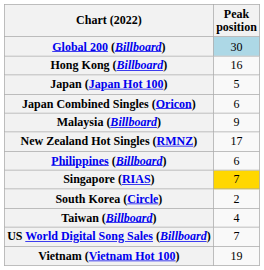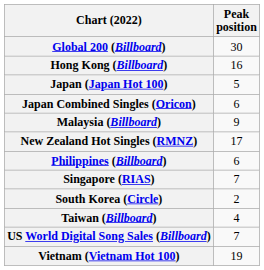 <table class="wikitable sortable plainrowheaders" style="text-align:center">
 <tr>
 <th scope="col">Chart (2022)</th>
 <th scope="col">Peak<br>position</th>
 </tr>
 <tr>
 <th scope="row"><a href='#'>Global 200</a> (<em><a href='#'>Billboard</a></em>)</th>
-<td style="background: lightblue;">30</td>
+<td>30</td>
 </tr>
 <tr>
 <th scope="row">Hong Kong (<em><a href='#'>Billboard</a></em>)</th>
 <td>16</td>
 </tr>
 <tr>
 <th scope="row">Japan (<a href='#'>Japan Hot 100</a>)</th>
 <td>5</td>
 </tr>
 <tr>
 <th scope="row">Japan Combined Singles (<a href='#'>Oricon</a>)</th>
 <td>6</td>
 </tr>
 <tr>
 <th scope="row">Malaysia (<em><a href='#'>Billboard</a></em>)</th>
 <td>9</td>
 </tr>
 <tr>
 <th scope="row">New Zealand Hot Singles (<a href='#'>RMNZ</a>)</th>
 <td>17</td>
 </tr>
 <tr>
 <th scope="row"><a href='#'>Philippines</a> (<em><a href='#'>Billboard</a></em>)</th>
 <td>6</td>
 </tr>
 <tr>
 <th scope="row">Singapore (<a href='#'>RIAS</a>)</th>
-<td style="background: gold;">7</td>
+<td>7</td>
 </tr>
 <tr>
 <th scope="row">South Korea (<a href='#'>Circle</a>)</th>
 <td>2</td>
 </tr>
 <tr>
 <th scope="row">Taiwan (<em><a href='#'>Billboard</a></em>)</th>
 <td>4</td>
 </tr>
 <tr>
 <th scope="row">US <a href='#'>World Digital Song Sales</a> (<em><a href='#'>Billboard</a></em>)</th>
 <td>7</td>
 </tr>
 <tr>
 <th scope="row">Vietnam (<a href='#'>Vietnam Hot 100</a>)</th>
 <td>19</td>
 </tr>
 </table>
